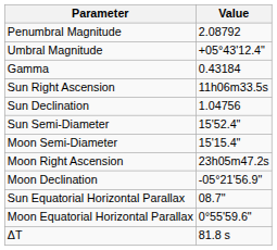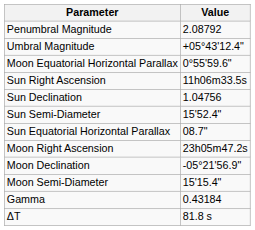 <table class="wikitable">
 <tr>
 <th>Parameter</th>
 <th>Value</th>
 </tr>
 <tr>
 <td>Penumbral Magnitude</td>
 <td>2.08792</td>
 </tr>
 <tr>
 <td>Umbral Magnitude</td>
 <td>+05°43'12.4"</td>
 </tr>
 <tr>
-<td>Gamma</td>
-<td>0.43184</td>
+<td>Moon Equatorial Horizontal Parallax</td>
+<td>0°55'59.6"</td>
 </tr>
 <tr>
 <td>Sun Right Ascension</td>
 <td>11h06m33.5s</td>
 </tr>
 <tr>
 <td>Sun Declination</td>
 <td>1.04756</td>
 </tr>
 <tr>
 <td>Sun Semi-Diameter</td>
 <td>15'52.4"</td>
 </tr>
 <tr>
-<td>Moon Semi-Diameter</td>
-<td>15'15.4"</td>
+<td>Sun Equatorial Horizontal Parallax</td>
+<td>08.7"</td>
 </tr>
 <tr>
 <td>Moon Right Ascension</td>
 <td>23h05m47.2s</td>
 </tr>
 <tr>
 <td>Moon Declination</td>
 <td>-05°21'56.9"</td>
 </tr>
 <tr>
-<td>Sun Equatorial Horizontal Parallax</td>
-<td>08.7"</td>
+<td>Moon Semi-Diameter</td>
+<td>15'15.4"</td>
 </tr>
 <tr>
-<td>Moon Equatorial Horizontal Parallax</td>
-<td>0°55'59.6"</td>
+<td>Gamma</td>
+<td>0.43184</td>
 </tr>
 <tr>
 <td>ΔT</td>
 <td>81.8 s</td>
 </tr>
 </table>
